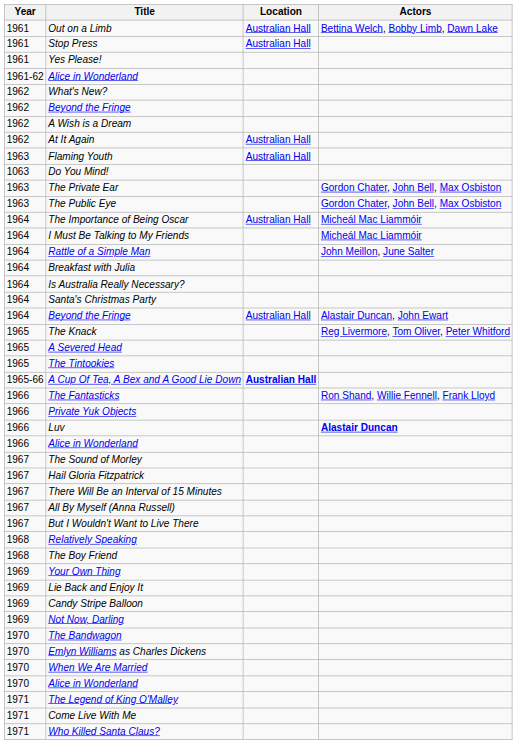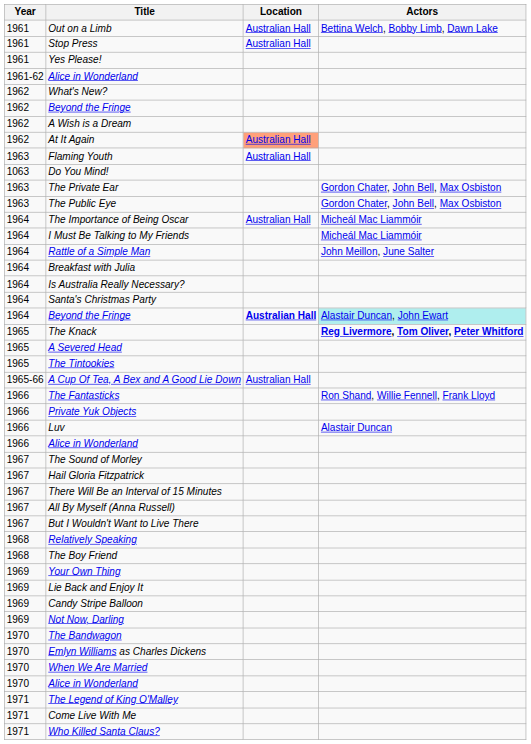 <table class="wikitable">
 <tr>
 <th>Year</th>
 <th>Title</th>
 <th>Location</th>
 <th>Actors</th>
 </tr>
 <tr>
 <td>1961</td>
 <td><em>Out on a Limb</em></td>
 <td><a href='#'>Australian Hall</a></td>
 <td><a href='#'>Bettina Welch</a>, <a href='#'>Bobby Limb</a>, <a href='#'>Dawn Lake</a></td>
 </tr>
 <tr>
 <td>1961</td>
 <td><em>Stop Press</em></td>
 <td><a href='#'>Australian Hall</a></td>
 <td></td>
 </tr>
 <tr>
 <td>1961</td>
 <td><em>Yes Please!</em></td>
 <td></td>
 <td></td>
 </tr>
 <tr>
 <td>1961-62</td>
 <td><em><a href='#'>Alice in Wonderland</a></em></td>
 <td></td>
 <td></td>
 </tr>
 <tr>
 <td>1962</td>
 <td><em>What's New?</em></td>
 <td></td>
 <td></td>
 </tr>
 <tr>
 <td>1962</td>
 <td><em><a href='#'>Beyond the Fringe</a></em></td>
 <td></td>
 <td></td>
 </tr>
 <tr>
 <td>1962</td>
 <td><em>A Wish is a Dream</em></td>
 <td></td>
 <td></td>
 </tr>
 <tr>
 <td>1962</td>
 <td><em>At It Again</em></td>
-<td><a href='#'>Australian Hall</a></td>
+<td style="background: lightsalmon;"><a href='#'>Australian Hall</a></td>
 <td></td>
 </tr>
 <tr>
 <td>1963</td>
 <td><em>Flaming Youth</em></td>
 <td><a href='#'>Australian Hall</a></td>
 <td></td>
 </tr>
 <tr>
 <td>1063</td>
 <td><em>Do You Mind!</em></td>
 <td></td>
 <td></td>
 </tr>
 <tr>
 <td>1963</td>
 <td><em>The Private Ear</em></td>
 <td></td>
 <td><a href='#'>Gordon Chater</a>, <a href='#'>John Bell</a>, <a href='#'>Max Osbiston</a></td>
 </tr>
 <tr>
 <td>1963</td>
 <td><em>The Public Eye</em></td>
 <td></td>
 <td><a href='#'>Gordon Chater</a>, <a href='#'>John Bell</a>, <a href='#'>Max Osbiston</a></td>
 </tr>
 <tr>
 <td>1964</td>
 <td><em>The Importance of Being Oscar</em></td>
 <td><a href='#'>Australian Hall</a></td>
 <td><a href='#'>Micheál Mac Liammóir</a></td>
 </tr>
 <tr>
 <td>1964</td>
 <td><em>I Must Be Talking to My Friends</em></td>
 <td></td>
 <td><a href='#'>Micheál Mac Liammóir</a></td>
 </tr>
 <tr>
 <td>1964</td>
 <td><em><a href='#'>Rattle of a Simple Man</a></em></td>
 <td></td>
 <td><a href='#'>John Meillon</a>, <a href='#'>June Salter</a></td>
 </tr>
 <tr>
 <td>1964</td>
 <td><em>Breakfast with Julia</em></td>
 <td></td>
 <td></td>
 </tr>
 <tr>
 <td>1964</td>
 <td><em>Is Australia Really Necessary?</em></td>
 <td></td>
 <td></td>
 </tr>
 <tr>
 <td>1964</td>
 <td><em>Santa's Christmas Party</em></td>
 <td></td>
 <td></td>
 </tr>
 <tr>
 <td>1964</td>
 <td><em><a href='#'>Beyond the Fringe</a></em></td>
-<td><a href='#'>Australian Hall</a></td>
-<td><a href='#'>Alastair Duncan</a>, <a href='#'>John Ewart</a></td>
+<td><strong><a href='#'>Australian Hall</a></strong></td>
+<td style="background: paleturquoise;"><a href='#'>Alastair Duncan</a>, <a href='#'>John Ewart</a></td>
 </tr>
 <tr>
 <td>1965</td>
 <td><em>The Knack</em></td>
 <td></td>
-<td><a href='#'>Reg Livermore</a>, <a href='#'>Tom Oliver</a>, <a href='#'>Peter Whitford</a></td>
+<td><strong><a href='#'>Reg Livermore</a>, <a href='#'>Tom Oliver</a>, <a href='#'>Peter Whitford</a></strong></td>
 </tr>
 <tr>
 <td>1965</td>
 <td><em><a href='#'>A Severed Head</a></em></td>
 <td></td>
 <td></td>
 </tr>
 <tr>
 <td>1965</td>
 <td><em><a href='#'>The Tintookies</a></em></td>
 <td></td>
 <td></td>
 </tr>
 <tr>
 <td>1965-66</td>
 <td><em><a href='#'>A Cup Of Tea, A Bex and A Good Lie Down</a></em></td>
-<td><strong><a href='#'>Australian Hall</a></strong></td>
+<td><a href='#'>Australian Hall</a></td>
 <td></td>
 </tr>
 <tr>
 <td>1966</td>
 <td><em><a href='#'>The Fantasticks</a></em></td>
 <td></td>
 <td><a href='#'>Ron Shand</a>,  <a href='#'>Willie Fennell</a>, <a href='#'>Frank Lloyd</a></td>
 </tr>
 <tr>
 <td>1966</td>
 <td><em><a href='#'>Private Yuk Objects</a></em></td>
 <td></td>
 <td></td>
 </tr>
 <tr>
 <td>1966</td>
 <td><em>Luv</em></td>
 <td></td>
-<td><strong><a href='#'>Alastair Duncan</a></strong></td>
+<td><a href='#'>Alastair Duncan</a></td>
 </tr>
 <tr>
 <td>1966</td>
 <td><em><a href='#'>Alice in Wonderland</a></em></td>
 <td></td>
 <td></td>
 </tr>
 <tr>
 <td>1967</td>
 <td><em>The Sound of Morley</em></td>
 <td></td>
 <td></td>
 </tr>
 <tr>
 <td>1967</td>
 <td><em>Hail Gloria Fitzpatrick</em></td>
 <td></td>
 <td></td>
 </tr>
 <tr>
 <td>1967</td>
 <td><em>There Will Be an Interval of 15 Minutes</em></td>
 <td></td>
 <td></td>
 </tr>
 <tr>
 <td>1967</td>
 <td><em>All By Myself (Anna Russell)</em></td>
 <td></td>
 <td></td>
 </tr>
 <tr>
 <td>1967</td>
 <td><em>But I Wouldn't Want to Live There</em></td>
 <td></td>
 <td></td>
 </tr>
 <tr>
 <td>1968</td>
 <td><em><a href='#'>Relatively Speaking</a></em></td>
 <td></td>
 <td></td>
 </tr>
 <tr>
 <td>1968</td>
 <td><em>The Boy Friend</em></td>
 <td></td>
 <td></td>
 </tr>
 <tr>
 <td>1969</td>
 <td><em><a href='#'>Your Own Thing</a></em></td>
 <td></td>
 <td></td>
 </tr>
 <tr>
 <td>1969</td>
 <td><em>Lie Back and Enjoy It</em></td>
 <td></td>
 <td></td>
 </tr>
 <tr>
 <td>1969</td>
 <td><em>Candy Stripe Balloon</em></td>
 <td></td>
 <td></td>
 </tr>
 <tr>
 <td>1969</td>
 <td><em><a href='#'>Not Now, Darling</a></em></td>
 <td></td>
 <td></td>
 </tr>
 <tr>
 <td>1970</td>
 <td><em><a href='#'>The Bandwagon</a></em></td>
 <td></td>
 <td></td>
 </tr>
 <tr>
 <td>1970</td>
 <td><em><a href='#'>Emlyn Williams</a> as Charles Dickens</em></td>
 <td></td>
 <td></td>
 </tr>
 <tr>
 <td>1970</td>
 <td><em><a href='#'>When We Are Married</a></em></td>
 <td></td>
 <td></td>
 </tr>
 <tr>
 <td>1970</td>
 <td><em><a href='#'>Alice in Wonderland</a></em></td>
 <td></td>
 <td></td>
 </tr>
 <tr>
 <td>1971</td>
 <td><em><a href='#'>The Legend of King O'Malley</a></em></td>
 <td></td>
 <td></td>
 </tr>
 <tr>
 <td>1971</td>
 <td><em>Come Live With Me</em></td>
 <td></td>
 <td></td>
 </tr>
 <tr>
 <td>1971</td>
 <td><em><a href='#'>Who Killed Santa Claus?</a></em></td>
 <td></td>
 <td></td>
 </tr>
 </table>
